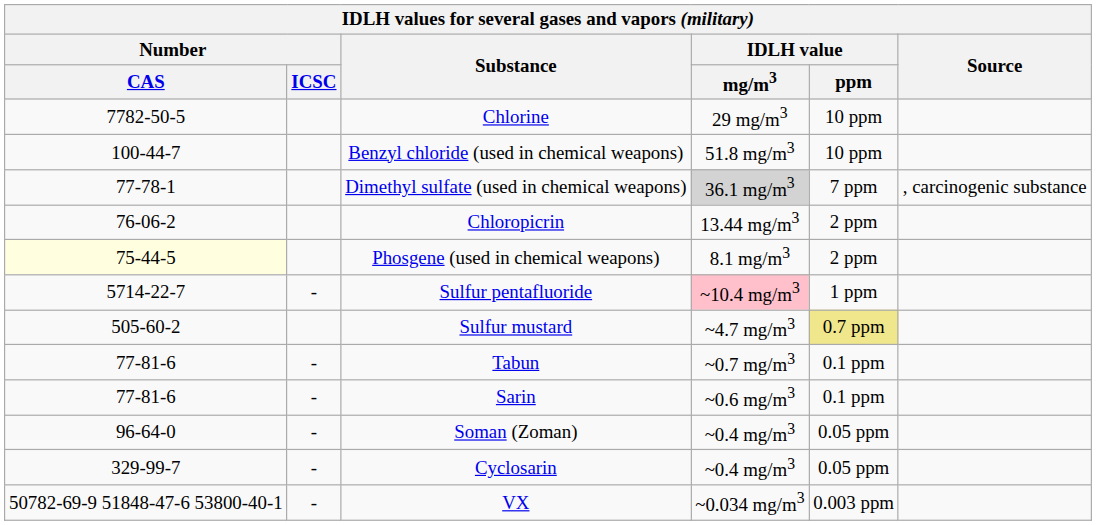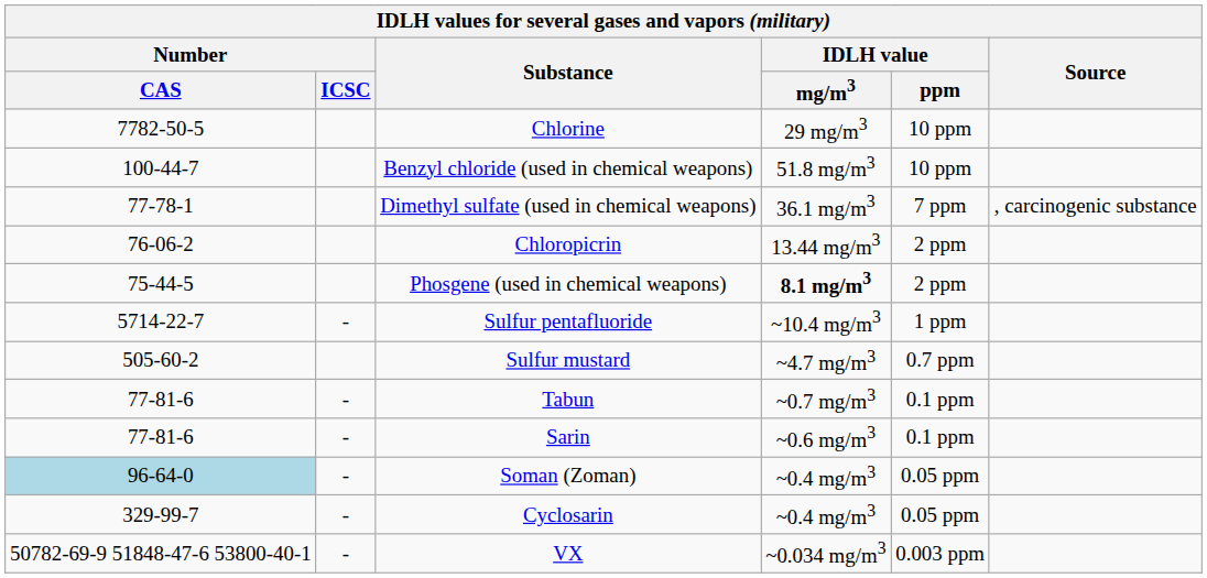 <table class="wikitable collapsible collapsed sortable" style="text-align:center">
 <tr>
 <th colspan="7">IDLH values for several gases and vapors <em>(military)</em></th>
 </tr>
 <tr>
 <th colspan="2">Number</th>
 <th rowspan="2">Substance</th>
 <th colspan="2">IDLH value</th>
 <th rowspan="2">Source</th>
 </tr>
 <tr>
 <th><a href='#'>CAS</a></th>
 <th><a href='#'>ICSC</a></th>
 <th>mg/m<sup>3</sup></th>
 <th>ppm</th>
 </tr>
 <tr>
 <td>7782-50-5</td>
 <td></td>
 <td><a href='#'>Chlorine</a></td>
 <td>29 mg/m<sup>3</sup></td>
 <td>10 ppm</td>
 <td></td>
 </tr>
 <tr>
 <td>100-44-7</td>
 <td></td>
 <td><a href='#'>Benzyl chloride</a> (used in chemical weapons)</td>
 <td>51.8 mg/m<sup>3</sup></td>
 <td>10 ppm</td>
 <td></td>
 </tr>
 <tr>
 <td>77-78-1</td>
 <td></td>
 <td><a href='#'>Dimethyl sulfate</a> (used in chemical weapons)</td>
-<td style="background: lightgrey;">36.1 mg/m<sup>3</sup></td>
+<td>36.1 mg/m<sup>3</sup></td>
 <td>7 ppm</td>
 <td>, carcinogenic substance</td>
 </tr>
 <tr>
 <td>76-06-2</td>
 <td></td>
 <td><a href='#'>Chloropicrin</a></td>
 <td>13.44 mg/m<sup>3</sup></td>
 <td>2 ppm</td>
 <td></td>
 </tr>
 <tr>
-<td style="background: lightyellow;">75-44-5</td>
+<td>75-44-5</td>
 <td></td>
 <td><a href='#'>Phosgene</a> (used in chemical weapons)</td>
-<td>8.1 mg/m<sup>3</sup></td>
+<td><strong>8.1 mg/m<sup>3</sup></strong></td>
 <td>2 ppm</td>
 <td></td>
 </tr>
 <tr>
 <td>5714-22-7</td>
 <td>-</td>
 <td><a href='#'>Sulfur pentafluoride</a></td>
-<td style="background: pink;">~10.4 mg/m<sup>3</sup></td>
+<td>~10.4 mg/m<sup>3</sup></td>
 <td>1 ppm</td>
 <td></td>
 </tr>
 <tr>
 <td>505-60-2</td>
 <td></td>
 <td><a href='#'>Sulfur mustard</a></td>
 <td>~4.7 mg/m<sup>3</sup></td>
-<td style="background: khaki;">0.7 ppm</td>
+<td>0.7 ppm</td>
 <td></td>
 </tr>
 <tr>
 <td>77-81-6</td>
 <td>-</td>
 <td><a href='#'>Tabun</a></td>
 <td>~0.7 mg/m<sup>3</sup></td>
 <td>0.1 ppm</td>
 <td></td>
 </tr>
 <tr>
 <td>77-81-6</td>
 <td>-</td>
 <td><a href='#'>Sarin</a></td>
 <td>~0.6 mg/m<sup>3</sup></td>
 <td>0.1 ppm</td>
 <td></td>
 </tr>
 <tr>
-<td>96-64-0</td>
+<td style="background: lightblue;">96-64-0</td>
 <td>-</td>
 <td><a href='#'>Soman</a> (Zoman)</td>
 <td>~0.4 mg/m<sup>3</sup></td>
 <td>0.05 ppm</td>
 <td></td>
 </tr>
 <tr>
 <td>329-99-7</td>
 <td>-</td>
 <td><a href='#'>Cyclosarin</a></td>
 <td>~0.4 mg/m<sup>3</sup></td>
 <td>0.05 ppm</td>
 <td></td>
 </tr>
 <tr>
 <td>50782-69-9  51848-47-6 53800-40-1</td>
 <td>-</td>
 <td><a href='#'>VX</a></td>
 <td>~0.034 mg/m<sup>3</sup></td>
 <td>0.003 ppm</td>
 <td></td>
 </tr>
 </table>
